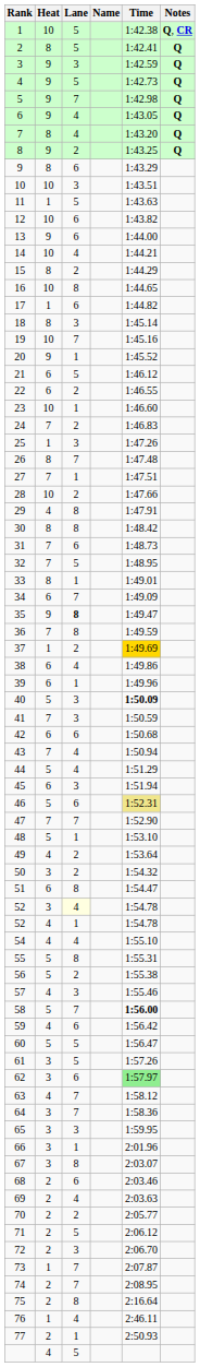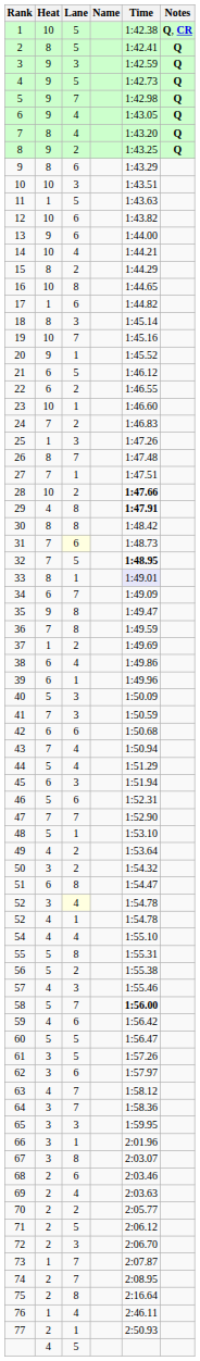 <table class="wikitable sortable" style="text-align:center">
 <tr>
 <th>Rank</th>
 <th>Heat</th>
 <th>Lane</th>
 <th>Name</th>
 <th>Time</th>
 <th>Notes</th>
 </tr>
 <tr bgcolor=ccffcc>
 <td>1</td>
 <td>10</td>
 <td>5</td>
 <td align=left></td>
 <td>1:42.38</td>
 <td><strong>Q</strong>, <strong><a href='#'>CR</a></strong></td>
 </tr>
 <tr bgcolor=ccffcc>
 <td>2</td>
 <td>8</td>
 <td>5</td>
 <td align=left></td>
 <td>1:42.41</td>
 <td><strong>Q</strong></td>
 </tr>
 <tr bgcolor=ccffcc>
 <td>3</td>
 <td>9</td>
 <td>3</td>
 <td align=left></td>
 <td>1:42.59</td>
 <td><strong>Q</strong></td>
 </tr>
 <tr bgcolor=ccffcc>
 <td>4</td>
 <td>9</td>
 <td>5</td>
 <td align=left></td>
 <td>1:42.73</td>
 <td><strong>Q</strong></td>
 </tr>
 <tr bgcolor=ccffcc>
 <td>5</td>
 <td>9</td>
 <td>7</td>
 <td align=left></td>
 <td>1:42.98</td>
 <td><strong>Q</strong></td>
 </tr>
 <tr bgcolor=ccffcc>
 <td>6</td>
 <td>9</td>
 <td>4</td>
 <td align=left></td>
 <td>1:43.05</td>
 <td><strong>Q</strong></td>
 </tr>
 <tr bgcolor=ccffcc>
 <td>7</td>
 <td>8</td>
 <td>4</td>
 <td align=left></td>
 <td>1:43.20</td>
 <td><strong>Q</strong></td>
 </tr>
 <tr bgcolor=ccffcc>
 <td>8</td>
 <td>9</td>
 <td>2</td>
 <td align=left></td>
 <td>1:43.25</td>
 <td><strong>Q</strong></td>
 </tr>
 <tr>
 <td>9</td>
 <td>8</td>
 <td>6</td>
 <td align=left></td>
 <td>1:43.29</td>
 <td></td>
 </tr>
 <tr>
 <td>10</td>
 <td>10</td>
 <td>3</td>
 <td align=left></td>
 <td>1:43.51</td>
 <td></td>
 </tr>
 <tr>
 <td>11</td>
 <td>1</td>
 <td>5</td>
 <td align=left></td>
 <td>1:43.63</td>
 <td></td>
 </tr>
 <tr>
 <td>12</td>
 <td>10</td>
 <td>6</td>
 <td align=left></td>
 <td>1:43.82</td>
 <td></td>
 </tr>
 <tr>
 <td>13</td>
 <td>9</td>
 <td>6</td>
 <td align=left></td>
 <td>1:44.00</td>
 <td></td>
 </tr>
 <tr>
 <td>14</td>
 <td>10</td>
 <td>4</td>
 <td align=left></td>
 <td>1:44.21</td>
 <td></td>
 </tr>
 <tr>
 <td>15</td>
 <td>8</td>
 <td>2</td>
 <td align=left></td>
 <td>1:44.29</td>
 <td></td>
 </tr>
 <tr>
 <td>16</td>
 <td>10</td>
 <td>8</td>
 <td align=left></td>
 <td>1:44.65</td>
 <td></td>
 </tr>
 <tr>
 <td>17</td>
 <td>1</td>
 <td>6</td>
 <td align=left></td>
 <td>1:44.82</td>
 <td></td>
 </tr>
 <tr>
 <td>18</td>
 <td>8</td>
 <td>3</td>
 <td align=left></td>
 <td>1:45.14</td>
 <td></td>
 </tr>
 <tr>
 <td>19</td>
 <td>10</td>
 <td>7</td>
 <td align=left></td>
 <td>1:45.16</td>
 <td></td>
 </tr>
 <tr>
 <td>20</td>
 <td>9</td>
 <td>1</td>
 <td align=left></td>
 <td>1:45.52</td>
 <td></td>
 </tr>
 <tr>
 <td>21</td>
 <td>6</td>
 <td>5</td>
 <td align=left></td>
 <td>1:46.12</td>
 <td></td>
 </tr>
 <tr>
 <td>22</td>
 <td>6</td>
 <td>2</td>
 <td align=left></td>
 <td>1:46.55</td>
 <td></td>
 </tr>
 <tr>
 <td>23</td>
 <td>10</td>
 <td>1</td>
 <td align=left></td>
 <td>1:46.60</td>
 <td></td>
 </tr>
 <tr>
 <td>24</td>
 <td>7</td>
 <td>2</td>
 <td align=left></td>
 <td>1:46.83</td>
 <td></td>
 </tr>
 <tr>
 <td>25</td>
 <td>1</td>
 <td>3</td>
 <td align=left></td>
 <td>1:47.26</td>
 <td></td>
 </tr>
 <tr>
 <td>26</td>
 <td>8</td>
 <td>7</td>
 <td align=left></td>
 <td>1:47.48</td>
 <td></td>
 </tr>
 <tr>
 <td>27</td>
 <td>7</td>
 <td>1</td>
 <td align=left></td>
 <td>1:47.51</td>
 <td></td>
 </tr>
 <tr>
 <td>28</td>
 <td>10</td>
 <td>2</td>
 <td align=left></td>
-<td>1:47.66</td>
+<td><strong>1:47.66</strong></td>
 <td></td>
 </tr>
 <tr>
 <td>29</td>
 <td>4</td>
 <td>8</td>
 <td align=left></td>
-<td>1:47.91</td>
+<td><strong>1:47.91</strong></td>
 <td></td>
 </tr>
 <tr>
 <td>30</td>
 <td>8</td>
 <td>8</td>
 <td align=left></td>
 <td>1:48.42</td>
 <td></td>
 </tr>
 <tr>
 <td>31</td>
 <td>7</td>
-<td>6</td>
+<td style="background: lightyellow;">6</td>
 <td align=left></td>
 <td>1:48.73</td>
 <td></td>
 </tr>
 <tr>
 <td>32</td>
 <td>7</td>
 <td>5</td>
 <td align=left></td>
-<td>1:48.95</td>
+<td><strong>1:48.95</strong></td>
 <td></td>
 </tr>
 <tr>
 <td>33</td>
 <td>8</td>
 <td>1</td>
 <td align=left></td>
-<td>1:49.01</td>
+<td style="background: lavender;">1:49.01</td>
 <td></td>
 </tr>
 <tr>
 <td>34</td>
 <td>6</td>
 <td>7</td>
 <td align=left></td>
 <td>1:49.09</td>
 <td></td>
 </tr>
 <tr>
 <td>35</td>
 <td>9</td>
-<td><strong>8</strong></td>
+<td>8</td>
 <td align=left></td>
 <td>1:49.47</td>
 <td></td>
 </tr>
 <tr>
 <td>36</td>
 <td>7</td>
 <td>8</td>
 <td align=left></td>
 <td>1:49.59</td>
 <td></td>
 </tr>
 <tr>
 <td>37</td>
 <td>1</td>
 <td>2</td>
 <td align=left></td>
-<td style="background: gold;">1:49.69</td>
+<td>1:49.69</td>
 <td></td>
 </tr>
 <tr>
 <td>38</td>
 <td>6</td>
 <td>4</td>
 <td align=left></td>
 <td>1:49.86</td>
 <td></td>
 </tr>
 <tr>
 <td>39</td>
 <td>6</td>
 <td>1</td>
 <td align=left></td>
 <td>1:49.96</td>
 <td></td>
 </tr>
 <tr>
 <td>40</td>
 <td>5</td>
 <td>3</td>
 <td align=left></td>
-<td><strong>1:50.09</strong></td>
+<td>1:50.09</td>
 <td></td>
 </tr>
 <tr>
 <td>41</td>
 <td>7</td>
 <td>3</td>
 <td align=left></td>
 <td>1:50.59</td>
 <td></td>
 </tr>
 <tr>
 <td>42</td>
 <td>6</td>
 <td>6</td>
 <td align=left></td>
 <td>1:50.68</td>
 <td></td>
 </tr>
 <tr>
 <td>43</td>
 <td>7</td>
 <td>4</td>
 <td align=left></td>
 <td>1:50.94</td>
 <td></td>
 </tr>
 <tr>
 <td>44</td>
 <td>5</td>
 <td>4</td>
 <td align=left></td>
 <td>1:51.29</td>
 <td></td>
 </tr>
 <tr>
 <td>45</td>
 <td>6</td>
 <td>3</td>
 <td align=left></td>
 <td>1:51.94</td>
 <td></td>
 </tr>
 <tr>
 <td>46</td>
 <td>5</td>
 <td>6</td>
 <td align=left></td>
-<td style="background: khaki;">1:52.31</td>
+<td>1:52.31</td>
 <td></td>
 </tr>
 <tr>
 <td>47</td>
 <td>7</td>
 <td>7</td>
 <td align=left></td>
 <td>1:52.90</td>
 <td></td>
 </tr>
 <tr>
 <td>48</td>
 <td>5</td>
 <td>1</td>
 <td align=left></td>
 <td>1:53.10</td>
 <td></td>
 </tr>
 <tr>
 <td>49</td>
 <td>4</td>
 <td>2</td>
 <td align=left></td>
 <td>1:53.64</td>
 <td></td>
 </tr>
 <tr>
 <td>50</td>
 <td>3</td>
 <td>2</td>
 <td align=left></td>
 <td>1:54.32</td>
 <td></td>
 </tr>
 <tr>
 <td>51</td>
 <td>6</td>
 <td>8</td>
 <td align=left></td>
 <td>1:54.47</td>
 <td></td>
 </tr>
 <tr>
 <td>52</td>
 <td>3</td>
 <td style="background: lightyellow;">4</td>
 <td align=left></td>
 <td>1:54.78</td>
 <td></td>
 </tr>
 <tr>
 <td>52</td>
 <td>4</td>
 <td>1</td>
 <td align=left></td>
 <td>1:54.78</td>
 <td></td>
 </tr>
 <tr>
 <td>54</td>
 <td>4</td>
 <td>4</td>
 <td align=left></td>
 <td>1:55.10</td>
 <td></td>
 </tr>
 <tr>
 <td>55</td>
 <td>5</td>
 <td>8</td>
 <td align=left></td>
 <td>1:55.31</td>
 <td></td>
 </tr>
 <tr>
 <td>56</td>
 <td>5</td>
 <td>2</td>
 <td align=left></td>
 <td>1:55.38</td>
 <td></td>
 </tr>
 <tr>
 <td>57</td>
 <td>4</td>
 <td>3</td>
 <td align=left></td>
 <td>1:55.46</td>
 <td></td>
 </tr>
 <tr>
 <td>58</td>
 <td>5</td>
 <td>7</td>
 <td align=left></td>
 <td><strong>1:56.00</strong></td>
 <td></td>
 </tr>
 <tr>
 <td>59</td>
 <td>4</td>
 <td>6</td>
 <td align=left></td>
 <td>1:56.42</td>
 <td></td>
 </tr>
 <tr>
 <td>60</td>
 <td>5</td>
 <td>5</td>
 <td align=left></td>
 <td>1:56.47</td>
 <td></td>
 </tr>
 <tr>
 <td>61</td>
 <td>3</td>
 <td>5</td>
 <td align=left></td>
 <td>1:57.26</td>
 <td></td>
 </tr>
 <tr>
 <td>62</td>
 <td>3</td>
 <td>6</td>
 <td align=left></td>
-<td style="background: lightgreen;">1:57.97</td>
+<td>1:57.97</td>
 <td></td>
 </tr>
 <tr>
 <td>63</td>
 <td>4</td>
 <td>7</td>
 <td align=left></td>
 <td>1:58.12</td>
 <td></td>
 </tr>
 <tr>
 <td>64</td>
 <td>3</td>
 <td>7</td>
 <td align=left></td>
 <td>1:58.36</td>
 <td></td>
 </tr>
 <tr>
 <td>65</td>
 <td>3</td>
 <td>3</td>
 <td align=left></td>
 <td>1:59.95</td>
 <td></td>
 </tr>
 <tr>
 <td>66</td>
 <td>3</td>
 <td>1</td>
 <td align=left></td>
 <td>2:01.96</td>
 <td></td>
 </tr>
 <tr>
 <td>67</td>
 <td>3</td>
 <td>8</td>
 <td align=left></td>
 <td>2:03.07</td>
 <td></td>
 </tr>
 <tr>
 <td>68</td>
 <td>2</td>
 <td>6</td>
 <td align=left></td>
 <td>2:03.46</td>
 <td></td>
 </tr>
 <tr>
 <td>69</td>
 <td>2</td>
 <td>4</td>
 <td align=left></td>
 <td>2:03.63</td>
 <td></td>
 </tr>
 <tr>
 <td>70</td>
 <td>2</td>
 <td>2</td>
 <td align=left></td>
 <td>2:05.77</td>
 <td></td>
 </tr>
 <tr>
 <td>71</td>
 <td>2</td>
 <td>5</td>
 <td align=left></td>
 <td>2:06.12</td>
 <td></td>
 </tr>
 <tr>
 <td>72</td>
 <td>2</td>
 <td>3</td>
 <td align=left></td>
 <td>2:06.70</td>
 <td></td>
 </tr>
 <tr>
 <td>73</td>
 <td>1</td>
 <td>7</td>
 <td align=left></td>
 <td>2:07.87</td>
 <td></td>
 </tr>
 <tr>
 <td>74</td>
 <td>2</td>
 <td>7</td>
 <td align=left></td>
 <td>2:08.95</td>
 <td></td>
 </tr>
 <tr>
 <td>75</td>
 <td>2</td>
 <td>8</td>
 <td align=left></td>
 <td>2:16.64</td>
 <td></td>
 </tr>
 <tr>
 <td>76</td>
 <td>1</td>
 <td>4</td>
 <td align=left></td>
 <td>2:46.11</td>
 <td></td>
 </tr>
 <tr>
 <td>77</td>
 <td>2</td>
 <td>1</td>
 <td align=left></td>
 <td>2:50.93</td>
 <td></td>
 </tr>
 <tr>
 <td></td>
 <td>4</td>
 <td>5</td>
 <td align=left></td>
 <td></td>
 <td></td>
 </tr>
 </table>
